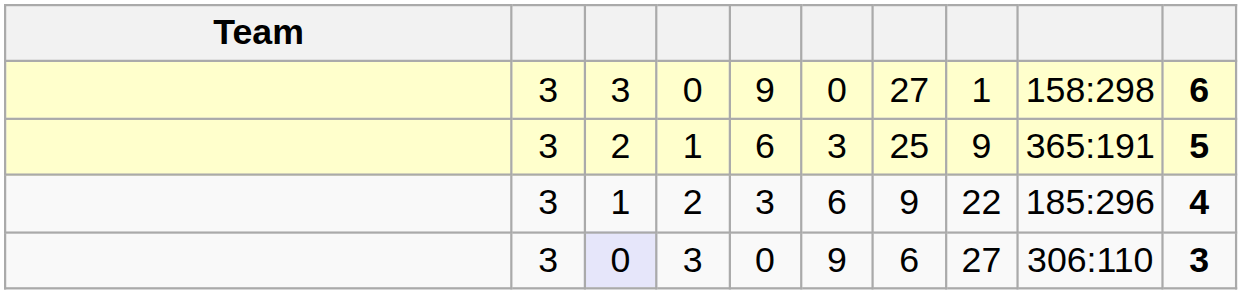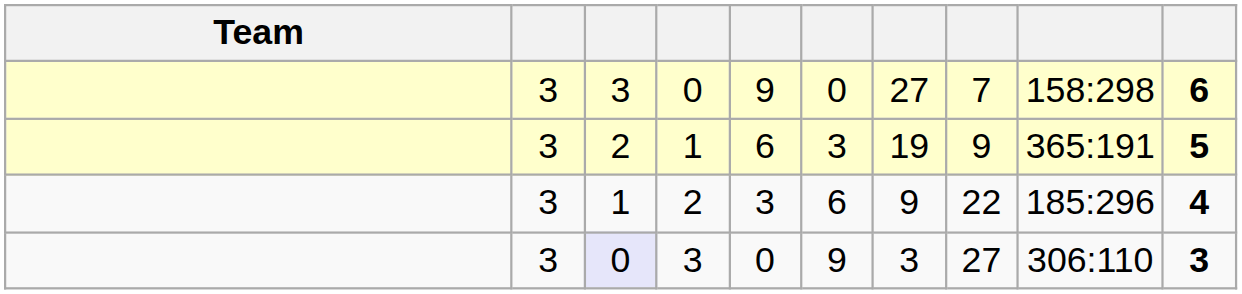 <table class="wikitable" style="text-align:center;">
 <tr>
 <th width=220>Team</th>
 <th width=25></th>
 <th width=25></th>
 <th width=25></th>
 <th width=25></th>
 <th width=25></th>
 <th width=25></th>
 <th width=25></th>
 <th width=25></th>
 <th width=25></th>
 </tr>
 <tr style="background:#ffffcc;">
 <td style="text-align:left;"></td>
 <td>3</td>
 <td>3</td>
 <td>0</td>
 <td>9</td>
 <td>0</td>
 <td>27</td>
-<td>1</td>
+<td>7</td>
 <td>158:298</td>
 <td><strong>6</strong></td>
 </tr>
 <tr style="background:#ffffcc;">
 <td style="text-align:left;"></td>
 <td>3</td>
 <td>2</td>
 <td>1</td>
 <td>6</td>
 <td>3</td>
-<td>25</td>
+<td>19</td>
 <td>9</td>
 <td>365:191</td>
 <td><strong>5</strong></td>
 </tr>
 <tr>
 <td style="text-align:left;"></td>
 <td>3</td>
 <td>1</td>
 <td>2</td>
 <td>3</td>
 <td>6</td>
 <td>9</td>
 <td>22</td>
 <td>185:296</td>
 <td><strong>4</strong></td>
 </tr>
 <tr>
 <td style="text-align:left;"></td>
 <td>3</td>
 <td style="background: lavender;">0</td>
 <td>3</td>
 <td>0</td>
 <td>9</td>
-<td>6</td>
+<td>3</td>
 <td>27</td>
 <td>306:110</td>
 <td><strong>3</strong></td>
 </tr>
 </table>
